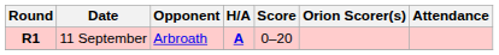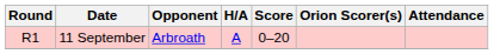 <table class="wikitable" style="text-align:center">
 <tr>
 <th>Round</th>
 <th>Date</th>
 <th>Opponent</th>
 <th>H/A</th>
 <th>Score</th>
 <th>Orion Scorer(s)</th>
 <th>Attendance</th>
 </tr>
 <tr bgcolor=#FFCCCC>
-<td><strong>R1</strong></td>
+<td>R1</td>
 <td align=left>11 September</td>
 <td align=left><a href='#'>Arbroath</a></td>
-<td><strong><a href='#'>A</a></strong></td>
+<td><a href='#'>A</a></td>
 <td>0–20</td>
 <td align=left></td>
 <td></td>
 </tr>
 <tr>
 </tr>
 </table>
